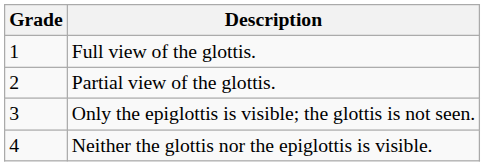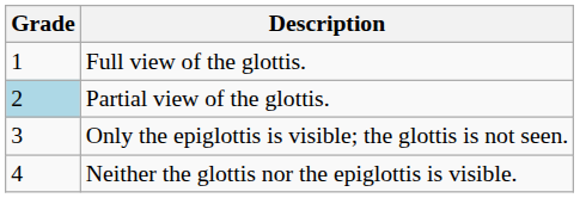 <table class="wikitable">
 <tr>
 <th>Grade</th>
 <th>Description</th>
 </tr>
 <tr>
 <td>1</td>
 <td>Full view of the glottis.</td>
 </tr>
 <tr>
-<td>2</td>
+<td style="background: lightblue;">2</td>
 <td>Partial view of the glottis.</td>
 </tr>
 <tr>
 <td>3</td>
 <td>Only the epiglottis is visible; the glottis is not seen.</td>
 </tr>
 <tr>
 <td>4</td>
 <td>Neither the glottis nor the epiglottis is visible.</td>
 </tr>
 </table>
